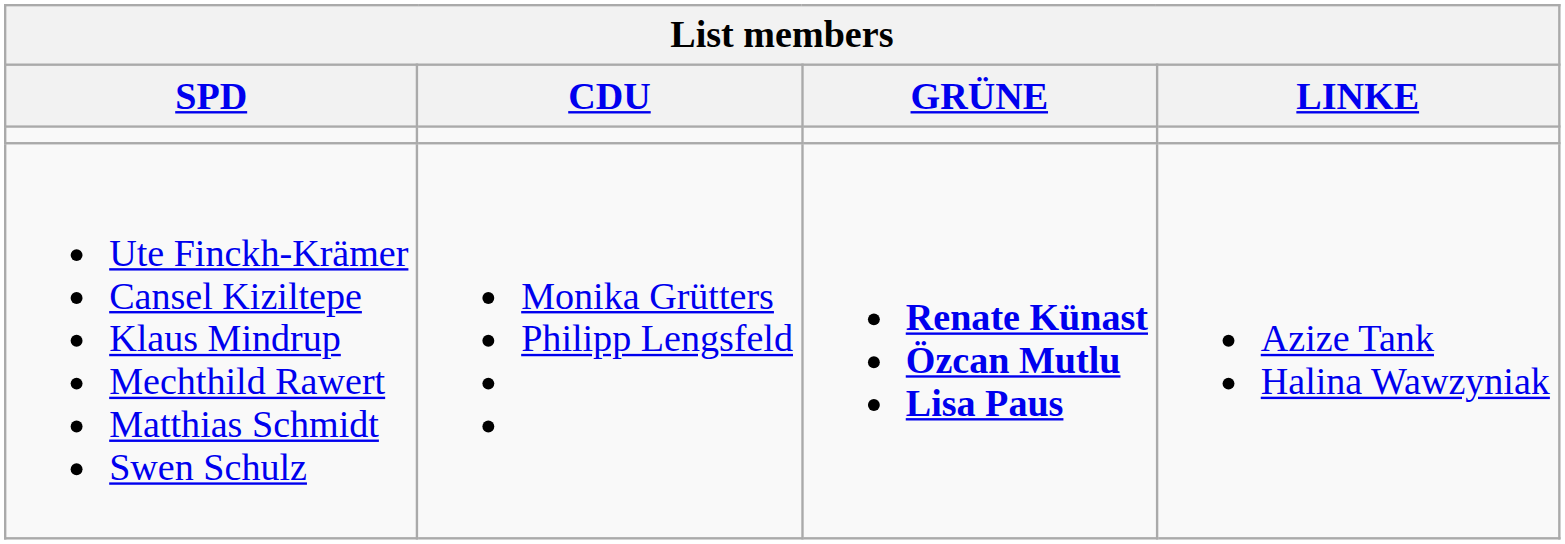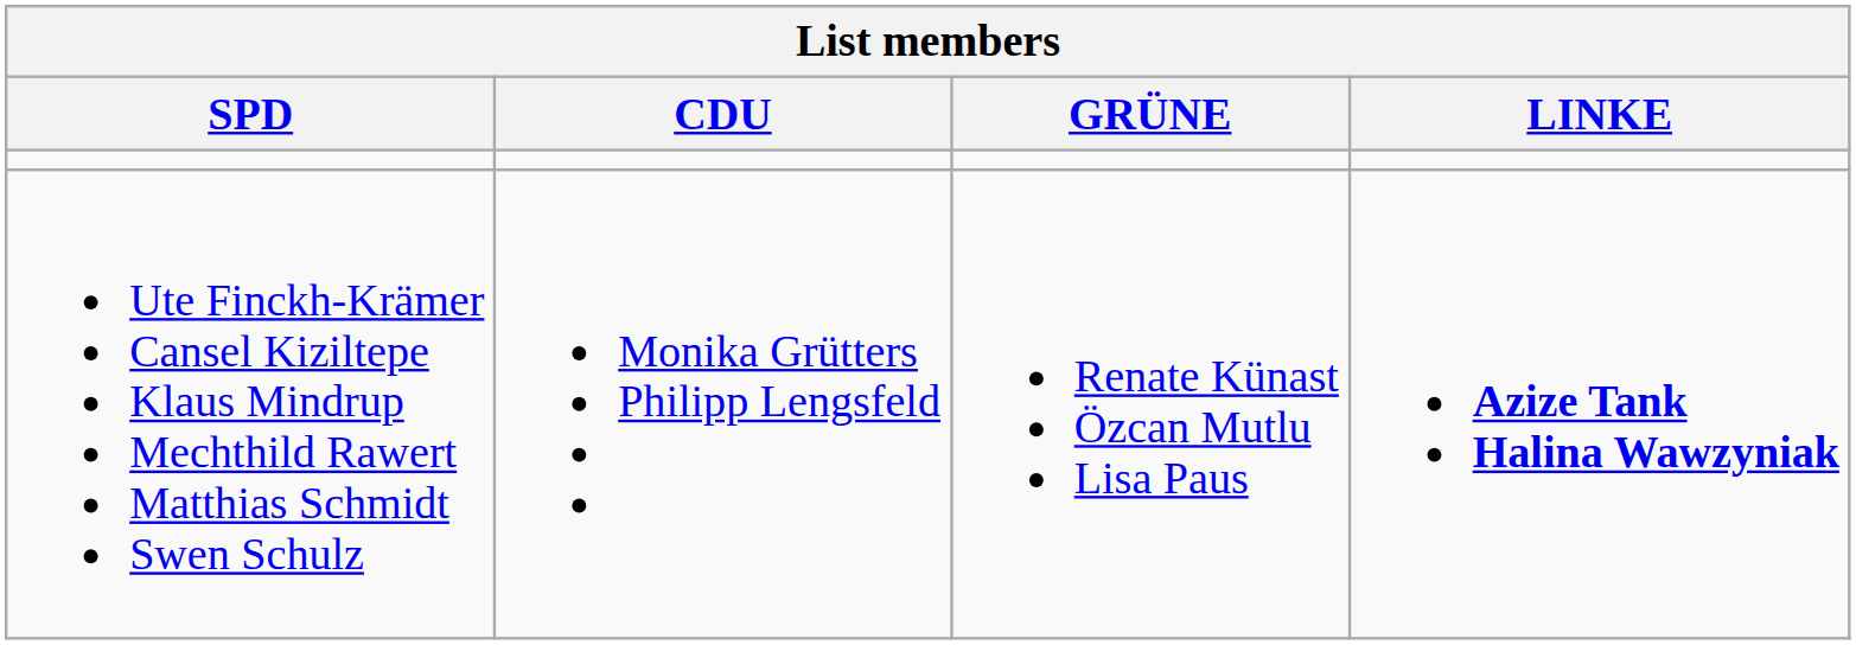 <table class=wikitable>
 <tr>
 <th colspan=4>List members</th>
 </tr>
 <tr>
 <th><a href='#'>SPD</a></th>
 <th><a href='#'>CDU</a></th>
 <th><a href='#'>GRÜNE</a></th>
 <th><a href='#'>LINKE</a></th>
 </tr>
 <tr>
 <td bgcolor=></td>
 <td bgcolor=></td>
 <td bgcolor=></td>
 <td bgcolor=></td>
 </tr>
 <tr>
 <td><br><ul><li><a href='#'>Ute Finckh-Krämer</a></li><li><a href='#'>Cansel Kiziltepe</a></li><li><a href='#'>Klaus Mindrup</a></li><li><a href='#'>Mechthild Rawert</a></li><li><a href='#'>Matthias Schmidt</a></li><li><a href='#'>Swen Schulz</a></li></ul></td>
 <td><br><ul><li><a href='#'>Monika Grütters</a></li><li><a href='#'>Philipp Lengsfeld</a></li><li></li><li></li></ul></td>
-<td><strong><br><ul><li><a href='#'>Renate Künast</a></li><li><a href='#'>Özcan Mutlu</a></li><li><a href='#'>Lisa Paus</a></li></ul></strong></td>
-<td><br><ul><li><a href='#'>Azize Tank</a></li><li><a href='#'>Halina Wawzyniak</a></li></ul></td>
+<td><br><ul><li><a href='#'>Renate Künast</a></li><li><a href='#'>Özcan Mutlu</a></li><li><a href='#'>Lisa Paus</a></li></ul></td>
+<td><strong><br><ul><li><a href='#'>Azize Tank</a></li><li><a href='#'>Halina Wawzyniak</a></li></ul></strong></td>
 </tr>
 </table>
